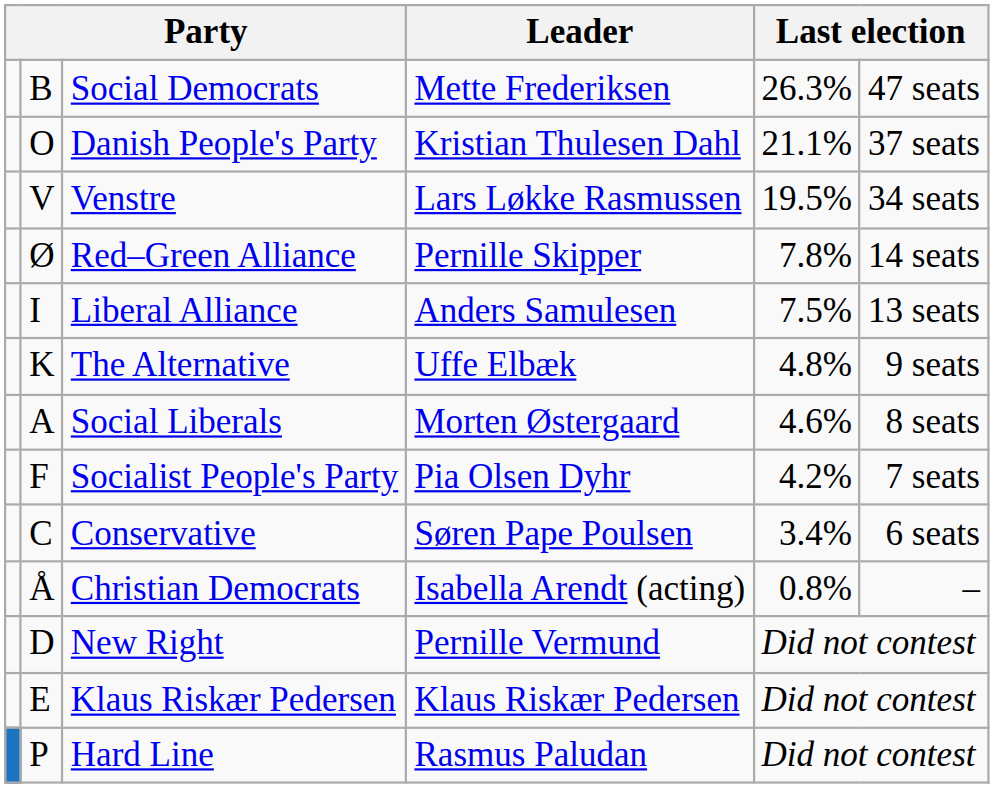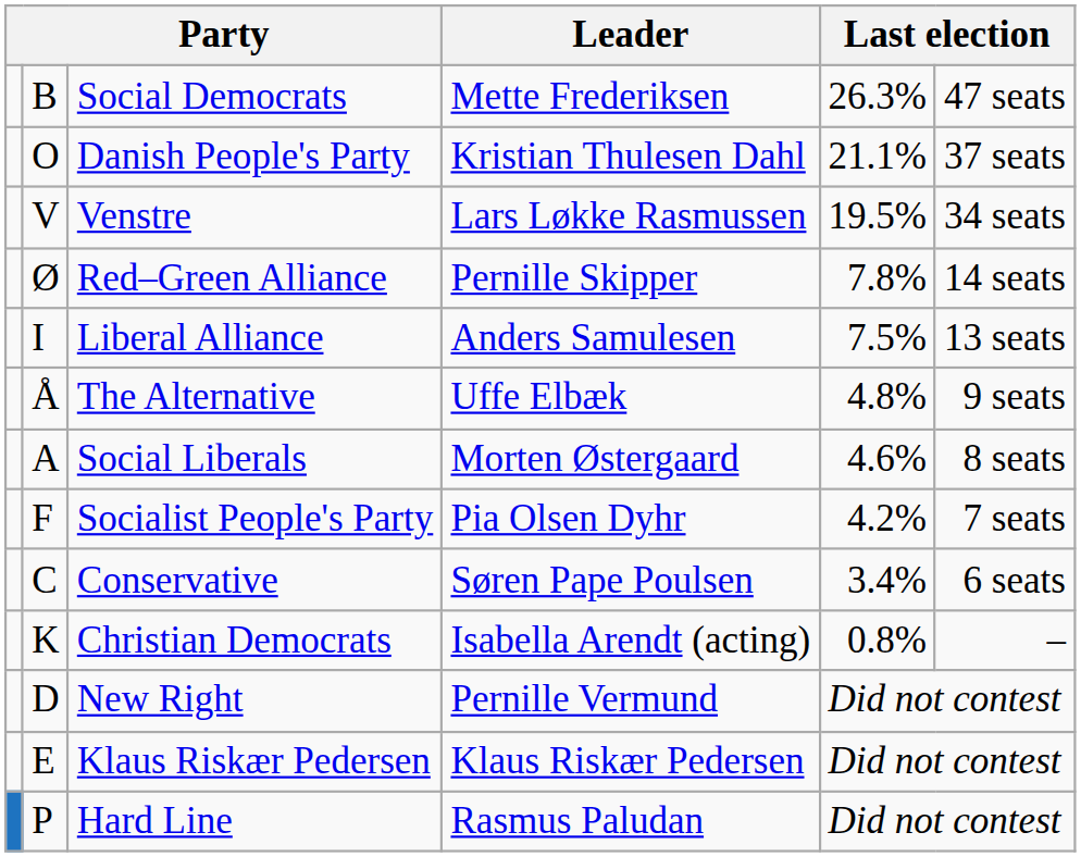 <table class="wikitable">
 <tr>
 <th colspan="3">Party</th>
 <th>Leader</th>
 <th colspan="2">Last election</th>
 </tr>
 <tr>
 <td></td>
 <td>B</td>
 <td><a href='#'>Social Democrats</a></td>
 <td><a href='#'>Mette Frederiksen</a></td>
 <td align=right>26.3%</td>
 <td align=right>47 seats</td>
 </tr>
 <tr>
 <td></td>
 <td>O</td>
 <td><a href='#'>Danish People's Party</a></td>
 <td><a href='#'>Kristian Thulesen Dahl</a></td>
 <td align=right>21.1%</td>
 <td align=right>37 seats</td>
 </tr>
 <tr>
 <td></td>
 <td>V</td>
 <td><a href='#'>Venstre</a></td>
 <td><a href='#'>Lars Løkke Rasmussen</a></td>
 <td align=right>19.5%</td>
 <td align=right>34 seats</td>
 </tr>
 <tr>
 <td></td>
 <td>Ø</td>
 <td><a href='#'>Red–Green Alliance</a></td>
 <td><a href='#'>Pernille Skipper</a></td>
 <td align=right>7.8%</td>
 <td>14 seats</td>
 </tr>
 <tr>
 <td></td>
 <td>I</td>
 <td><a href='#'>Liberal Alliance</a></td>
 <td><a href='#'>Anders Samulesen</a></td>
 <td align=right>7.5%</td>
 <td align=right>13 seats</td>
 </tr>
 <tr>
 <td></td>
-<td>K</td>
+<td>Å</td>
 <td><a href='#'>The Alternative</a></td>
 <td><a href='#'>Uffe Elbæk</a></td>
 <td align=right>4.8%</td>
 <td align=right>9 seats</td>
 </tr>
 <tr>
 <td></td>
 <td>A</td>
 <td><a href='#'>Social Liberals</a></td>
 <td><a href='#'>Morten Østergaard</a></td>
 <td align=right>4.6%</td>
 <td align=right>8 seats</td>
 </tr>
 <tr>
 <td></td>
 <td>F</td>
 <td><a href='#'>Socialist People's Party</a></td>
 <td><a href='#'>Pia Olsen Dyhr</a></td>
 <td align=right>4.2%</td>
 <td align=right>7 seats</td>
 </tr>
 <tr>
 <td></td>
 <td>C</td>
 <td><a href='#'>Conservative</a></td>
 <td><a href='#'>Søren Pape Poulsen</a></td>
 <td align=right>3.4%</td>
 <td align=right>6 seats</td>
 </tr>
 <tr>
 <td></td>
-<td>Å</td>
+<td>K</td>
 <td><a href='#'>Christian Democrats</a></td>
 <td><a href='#'>Isabella Arendt</a> (acting)</td>
 <td align=right>0.8%</td>
 <td align=right>–</td>
 </tr>
 <tr>
 <td></td>
 <td>D</td>
 <td><a href='#'>New Right</a></td>
 <td><a href='#'>Pernille Vermund</a></td>
 <td colspan="2"><em>Did not contest</em></td>
 </tr>
 <tr>
 <td></td>
 <td>E</td>
 <td><a href='#'>Klaus Riskær Pedersen</a></td>
 <td><a href='#'>Klaus Riskær Pedersen</a></td>
 <td colspan="2"><em>Did not contest</em></td>
 </tr>
 <tr>
 <td bgcolor="#1E73C0"></td>
 <td>P</td>
 <td><a href='#'>Hard Line</a></td>
 <td><a href='#'>Rasmus Paludan</a></td>
 <td colspan="2"><em>Did not contest</em></td>
 </tr>
 </table>
